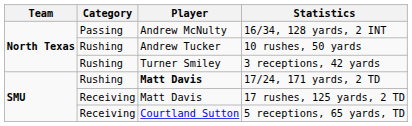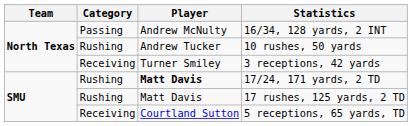 <table class="wikitable" style="float: left;">
 <tr>
 <th>Team</th>
 <th>Category</th>
 <th>Player</th>
 <th>Statistics</th>
 </tr>
 <tr>
 <td rowspan=3><strong>North Texas</strong></td>
 <td>Passing</td>
 <td>Andrew McNulty</td>
 <td>16/34, 128 yards, 2 INT</td>
 </tr>
 <tr>
 <td>Rushing</td>
 <td>Andrew Tucker</td>
 <td>10 rushes, 50 yards</td>
 </tr>
 <tr>
-<td>Rushing</td>
+<td>Receiving</td>
 <td>Turner Smiley</td>
 <td>3 receptions, 42 yards</td>
 </tr>
 <tr>
 <td rowspan=3><strong>SMU</strong></td>
 <td>Rushing</td>
 <td><strong>Matt Davis</strong></td>
 <td>17/24, 171 yards, 2 TD</td>
 </tr>
 <tr>
-<td>Receiving</td>
+<td>Rushing</td>
 <td>Matt Davis</td>
 <td>17 rushes, 125 yards, 2 TD</td>
 </tr>
 <tr>
 <td>Receiving</td>
 <td><a href='#'>Courtland Sutton</a></td>
 <td>5 receptions, 65 yards, TD</td>
 </tr>
 </table>
